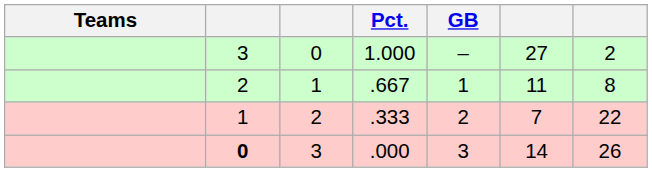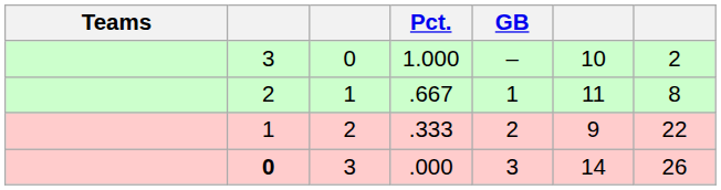 <table class="wikitable" style="text-align:center;">
 <tr>
 <th width=150px>Teams</th>
 <th width=50px></th>
 <th width=50px></th>
 <th width=50px><a href='#'>Pct.</a></th>
 <th width=50px><a href='#'>GB</a></th>
 <th width=50px></th>
 <th width=50px></th>
 </tr>
 <tr style="background-color:#cfc">
 <td align=left></td>
 <td>3</td>
 <td>0</td>
 <td>1.000</td>
 <td>–</td>
-<td>27</td>
+<td>10</td>
 <td>2</td>
 </tr>
 <tr style="background-color:#cfc">
 <td align=left></td>
 <td>2</td>
 <td>1</td>
 <td>.667</td>
 <td>1</td>
 <td>11</td>
 <td>8</td>
 </tr>
 <tr style="background-color:#fcc">
 <td align=left></td>
 <td>1</td>
 <td>2</td>
 <td>.333</td>
 <td>2</td>
-<td>7</td>
+<td>9</td>
 <td>22</td>
 </tr>
 <tr style="background-color:#fcc">
 <td align=left></td>
 <td><strong>0</strong></td>
 <td>3</td>
 <td>.000</td>
 <td>3</td>
 <td>14</td>
 <td>26</td>
 </tr>
 </table>
